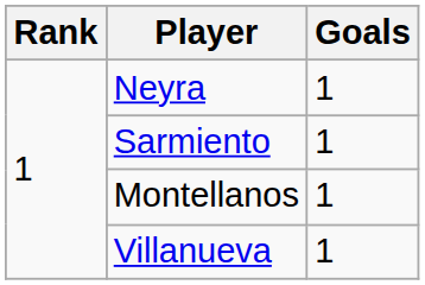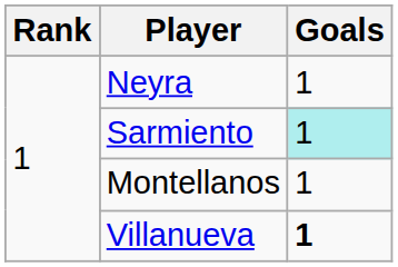 <table class="wikitable">
 <tr>
 <th>Rank</th>
 <th>Player</th>
 <th>Goals</th>
 </tr>
 <tr>
 <td rowspan="4">1</td>
 <td><a href='#'>Neyra</a></td>
 <td>1</td>
 </tr>
 <tr>
 <td><a href='#'>Sarmiento</a></td>
-<td>1</td>
+<td style="background: paleturquoise;">1</td>
 </tr>
 <tr>
 <td>Montellanos</td>
 <td>1</td>
 </tr>
 <tr>
 <td><a href='#'>Villanueva</a></td>
-<td>1</td>
+<td><strong>1</strong></td>
 </tr>
 </table>
